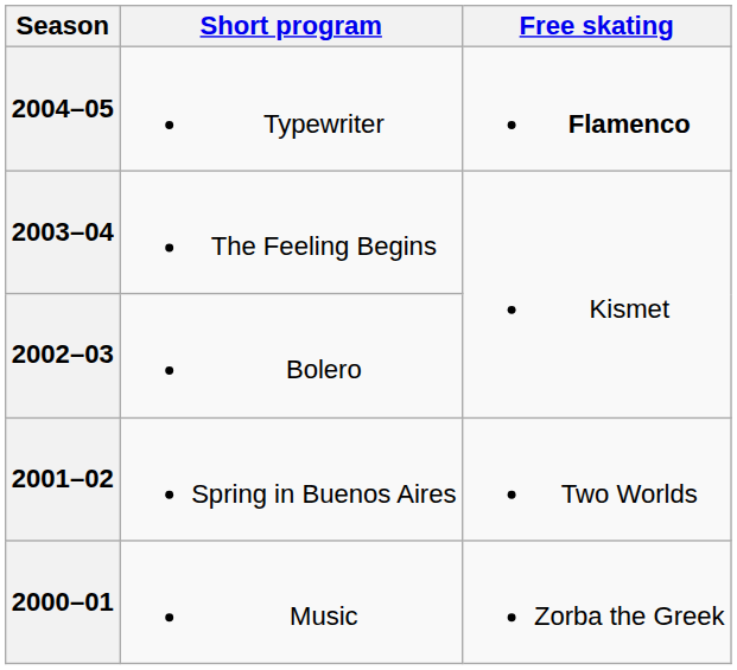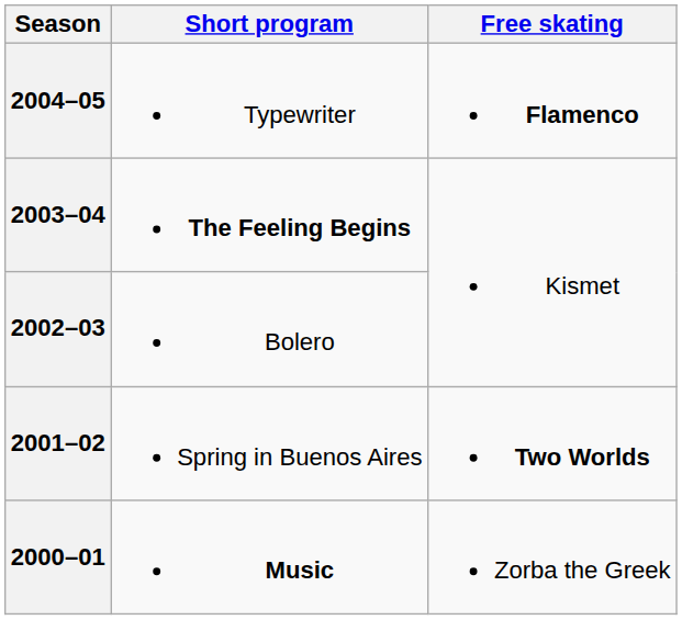 <table class=wikitable style=text-align:center>
 <tr>
 <th>Season</th>
 <th><a href='#'>Short program</a></th>
 <th><a href='#'>Free skating</a></th>
 </tr>
 <tr>
 <th>2004–05 <br> </th>
 <td><br><ul><li>Typewriter</li></ul></td>
 <td><strong><br><ul><li>Flamenco <br></li></ul></strong></td>
 </tr>
 <tr>
 <th>2003–04 <br> </th>
-<td><br><ul><li>The Feeling Begins <br></li></ul></td>
+<td><strong><br><ul><li>The Feeling Begins <br></li></ul></strong></td>
 <td rowspan=2><br><ul><li>Kismet <br></li></ul></td>
 </tr>
 <tr>
 <th>2002–03 <br> </th>
 <td><br><ul><li>Bolero <br></li></ul></td>
 </tr>
 <tr>
 <th>2001–02 <br> </th>
 <td><br><ul><li>Spring in Buenos Aires <br></li></ul></td>
-<td><br><ul><li>Two Worlds <br></li></ul></td>
+<td><strong><br><ul><li>Two Worlds <br></li></ul></strong></td>
 </tr>
 <tr>
 <th>2000–01 <br> </th>
-<td><br><ul><li>Music <br></li></ul></td>
+<td><strong><br><ul><li>Music <br></li></ul></strong></td>
 <td><br><ul><li>Zorba the Greek <br></li></ul></td>
 </tr>
 </table>
